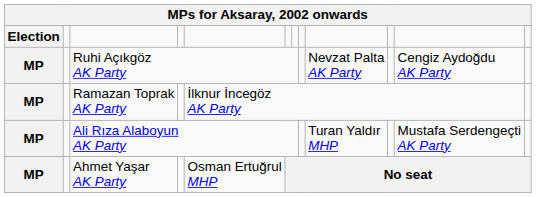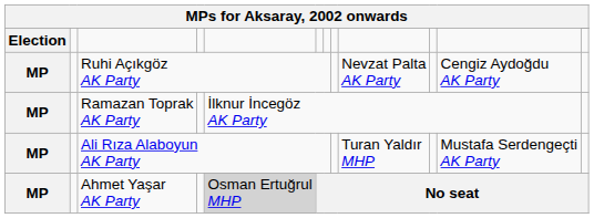 <table class="wikitable">
 <tr>
 <th colspan = 12>MPs for Aksaray, 2002 onwards</th>
 </tr>
 <tr>
 <th rowspan = 2>Election</th>
 <td rowspan="2" style="width:1px;"></td>
 <td rowspan = 2></td>
 <td rowspan="2" style="width:1px;"></td>
 <td rowspan = 2></td>
 <td rowspan="2" style="width:1px;"></td>
 <td rowspan = 2></td>
 <td rowspan="2" style="width:1px;"></td>
 <td rowspan = 2></td>
 <td rowspan="2" style="width:1px;"></td>
 <td rowspan = 2></td>
 </tr>
 <tr>
 <td></td>
 </tr>
 <tr>
 <th>MP</th>
 <td width=1px style="background-color: "></td>
 <td colspan = 5>Ruhi Açıkgöz<br><em><a href='#'>AK Party</a></em></td>
 <td width=1px style="background-color: "></td>
 <td colspan = 1>Nevzat Palta<br><em><a href='#'>AK Party</a></em></td>
 <td width=1px style="background-color: "></td>
 <td colspan = 1>Cengiz Aydoğdu<br><em><a href='#'>AK Party</a></em></td>
 <td width=1px style="background-color: "></td>
 </tr>
 <tr>
 <th>MP</th>
 <td width=1px style="background-color: "></td>
 <td colspan = 1>Ramazan Toprak<br><em><a href='#'>AK Party</a></em></td>
 <td width=1px style="background-color: "></td>
 <td colspan = 7>İlknur İncegöz<br><em><a href='#'>AK Party</a></em></td>
 <td width=1px style="background-color: "></td>
 </tr>
 <tr>
 <th>MP</th>
 <td width=1px style="background-color: "></td>
 <td colspan = 5><a href='#'>Ali Rıza Alaboyun</a><br><em><a href='#'>AK Party</a></em></td>
 <td width=1px style="background-color: "></td>
 <td colspan = 1>Turan Yaldır<br><em><a href='#'>MHP</a></em></td>
 <td width=1px style="background-color: "></td>
 <td colspan = 1>Mustafa Serdengeçti<br><em><a href='#'>AK Party</a></em></td>
 <td width=1px style="background-color: "></td>
 </tr>
 <tr>
 <th>MP</th>
 <td width=1px style="background-color: "></td>
 <td colspan = 1>Ahmet Yaşar<br><em><a href='#'>AK Party</a></em></td>
 <td width=1px style="background-color: "></td>
-<td colspan = 1>Osman Ertuğrul<br><em><a href='#'>MHP</a></em></td>
+<td colspan = 1 style="background: lightgrey;">Osman Ertuğrul<br><em><a href='#'>MHP</a></em></td>
 <th colspan = 7>No seat</th>
 </tr>
 </table>
